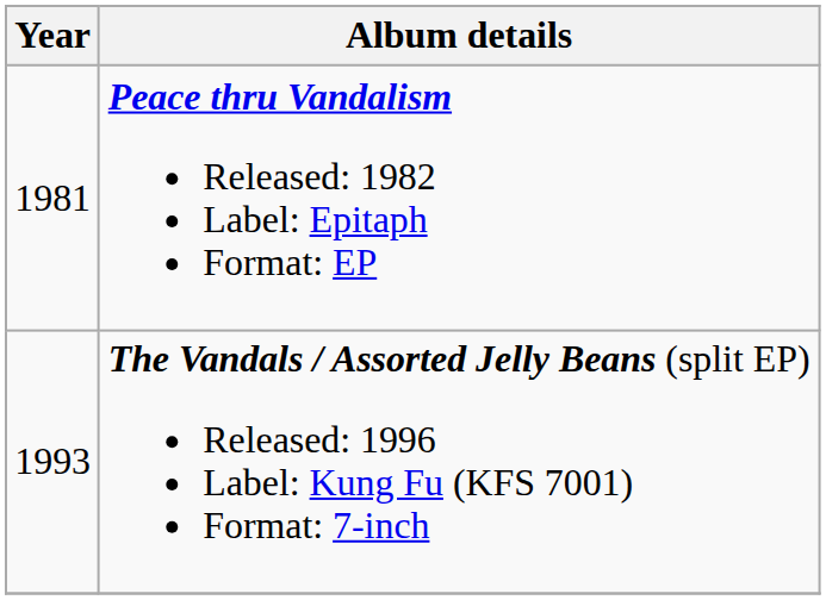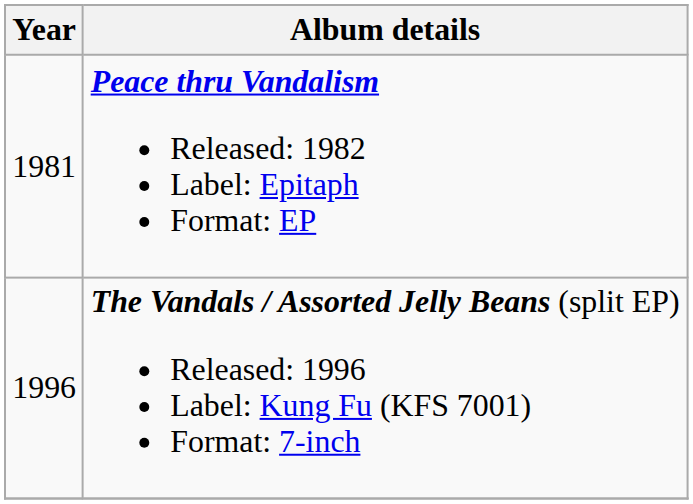 <table class ="wikitable">
 <tr>
 <th>Year</th>
 <th>Album details</th>
 </tr>
 <tr>
 <td>1981</td>
 <td><strong><em><a href='#'>Peace thru Vandalism</a></em></strong><br><ul><li>Released: 1982</li><li>Label: <a href='#'>Epitaph</a></li><li>Format: <a href='#'>EP</a></li></ul></td>
 </tr>
 <tr>
-<td>1993</td>
+<td>1996</td>
 <td><strong><em>The Vandals / Assorted Jelly Beans</em></strong> (split EP)<br><ul><li>Released: 1996</li><li>Label: <a href='#'>Kung Fu</a> (KFS 7001)</li><li>Format: <a href='#'>7-inch</a></li></ul></td>
 </tr>
 <tr>
 </tr>
 </table>
